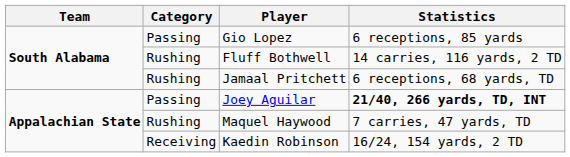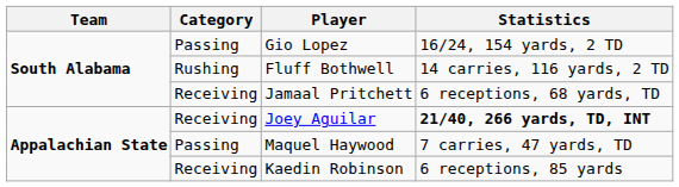 <table class="wikitable" style="float: right;">
 <tr>
 <th>Team</th>
 <th>Category</th>
 <th>Player</th>
 <th>Statistics</th>
 </tr>
 <tr>
 <td rowspan=3><strong>South Alabama</strong></td>
 <td>Passing</td>
 <td>Gio Lopez</td>
-<td>6 receptions, 85 yards</td>
+<td>16/24, 154 yards, 2 TD</td>
 </tr>
 <tr>
 <td>Rushing</td>
 <td>Fluff Bothwell</td>
 <td>14 carries, 116 yards, 2 TD</td>
 </tr>
 <tr>
-<td>Rushing</td>
+<td>Receiving</td>
 <td>Jamaal Pritchett</td>
 <td>6 receptions, 68 yards, TD</td>
 </tr>
 <tr>
 <td rowspan=3><strong>Appalachian State</strong></td>
-<td>Passing</td>
+<td>Receiving</td>
 <td><a href='#'>Joey Aguilar</a></td>
 <td><strong>21/40, 266 yards, TD, INT</strong></td>
 </tr>
 <tr>
-<td>Rushing</td>
+<td>Passing</td>
 <td>Maquel Haywood</td>
 <td>7 carries, 47 yards, TD</td>
 </tr>
 <tr>
 <td>Receiving</td>
 <td>Kaedin Robinson</td>
-<td>16/24, 154 yards, 2 TD</td>
+<td>6 receptions, 85 yards</td>
 </tr>
 </table>
